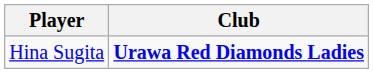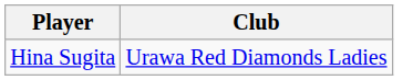 <table class="wikitable">
 <tr>
 <th>Player</th>
 <th>Club</th>
 </tr>
 <tr>
 <td> <a href='#'>Hina Sugita</a></td>
-<td><strong><a href='#'>Urawa Red Diamonds Ladies</a></strong></td>
+<td><a href='#'>Urawa Red Diamonds Ladies</a></td>
 </tr>
 </table>
